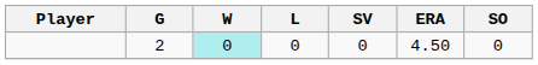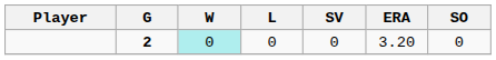 <table class="wikitable sortable">
 <tr>
 <th bgcolor="#DDDDFF" width="16%">Player</th>
 <th bgcolor="#DDDDFF" width="9%">G</th>
 <th bgcolor="#DDDDFF" width="9%">W</th>
 <th bgcolor="#DDDDFF" width="9%">L</th>
 <th bgcolor="#DDDDFF" width="9%">SV</th>
 <th bgcolor="#DDDDFF" width="9%">ERA</th>
 <th bgcolor="#DDDDFF" width="9%">SO</th>
 </tr>
 <tr align="center">
 <td></td>
-<td>2</td>
+<td><strong>2</strong></td>
 <td style="background: paleturquoise;">0</td>
 <td>0</td>
 <td>0</td>
-<td>4.50</td>
+<td>3.20</td>
 <td>0</td>
 </tr>
 <tr align="center">
 </tr>
 </table>
